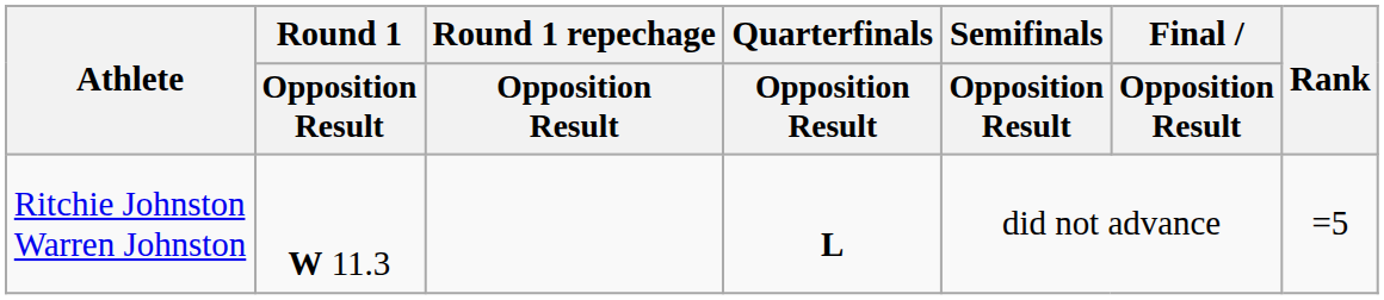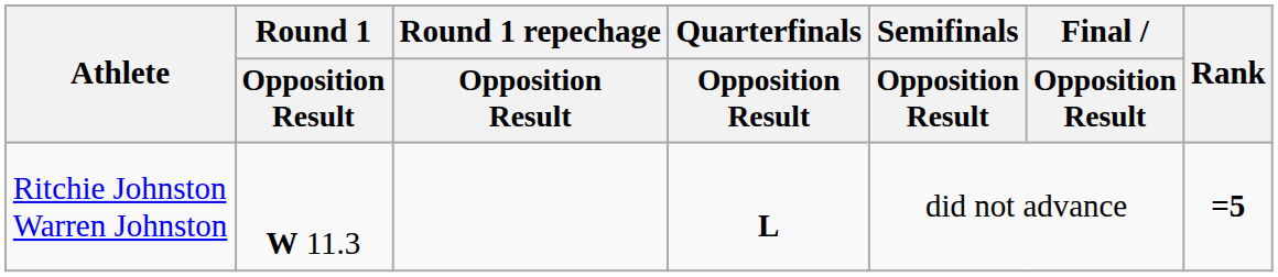 <table class="wikitable" style="font-size:90%;text-align:center;">
 <tr>
 <th rowspan=2>Athlete</th>
 <th>Round 1</th>
 <th>Round 1 repechage</th>
 <th>Quarterfinals</th>
 <th>Semifinals</th>
 <th>Final / </th>
 <th rowspan=2>Rank</th>
 </tr>
 <tr style="font-size:95%">
 <th>Opposition<br>Result</th>
 <th>Opposition<br>Result</th>
 <th>Opposition<br>Result</th>
 <th>Opposition<br>Result</th>
 <th>Opposition<br>Result</th>
 </tr>
 <tr>
 <td style="text-align:left;"><a href='#'>Ritchie Johnston</a><br><a href='#'>Warren Johnston</a></td>
 <td><br><br><strong>W</strong> 11.3</td>
 <td></td>
 <td><br><strong>L</strong></td>
 <td colspan=2>did not advance</td>
-<td>=5</td>
+<td><strong>=5</strong></td>
 </tr>
 </table>
